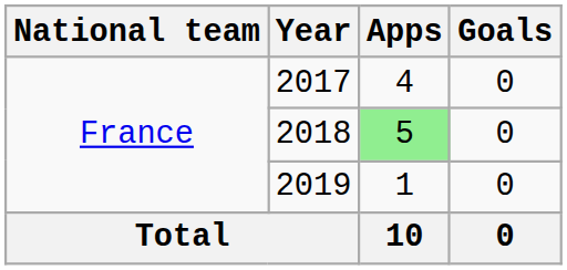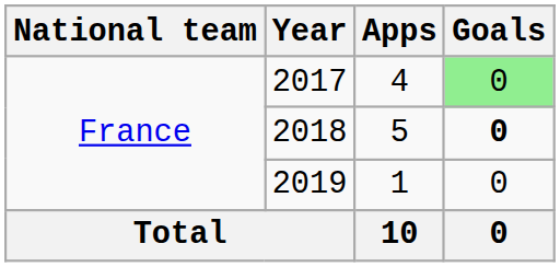 <table class="wikitable" style="text-align: center;">
 <tr>
 <th>National team</th>
 <th>Year</th>
 <th>Apps</th>
 <th>Goals</th>
 </tr>
 <tr>
 <td rowspan="3"><a href='#'>France</a></td>
 <td>2017</td>
 <td>4</td>
-<td>0</td>
+<td style="background: lightgreen;">0</td>
 </tr>
 <tr>
 <td>2018</td>
-<td style="background: lightgreen;">5</td>
-<td>0</td>
+<td>5</td>
+<td><strong>0</strong></td>
 </tr>
 <tr>
 <td>2019</td>
 <td>1</td>
 <td>0</td>
 </tr>
 <tr>
 <th colspan="2">Total</th>
 <th>10</th>
 <th>0</th>
 </tr>
 </table>
